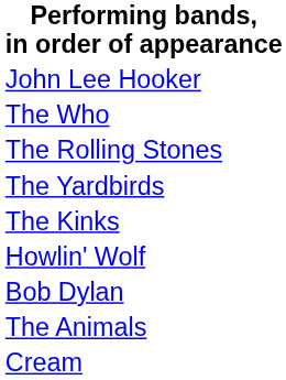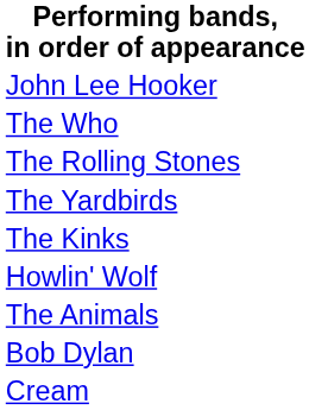 <table align=right>
 <tr>
 <th>Performing bands,<br>in order of appearance</th>
 </tr>
 <tr>
 <td><a href='#'>John Lee Hooker</a></td>
 </tr>
 <tr>
 <td><a href='#'>The Who</a></td>
 </tr>
 <tr>
 <td><a href='#'>The Rolling Stones</a></td>
 </tr>
 <tr>
 <td><a href='#'>The Yardbirds</a></td>
 </tr>
 <tr>
 <td><a href='#'>The Kinks</a></td>
 </tr>
 <tr>
 <td><a href='#'>Howlin' Wolf</a></td>
 </tr>
 <tr>
-<td><a href='#'>Bob Dylan</a></td>
+<td><a href='#'>The Animals</a></td>
 </tr>
 <tr>
-<td><a href='#'>The Animals</a></td>
+<td><a href='#'>Bob Dylan</a></td>
 </tr>
 <tr>
 <td><a href='#'>Cream</a></td>
 </tr>
 </table>
